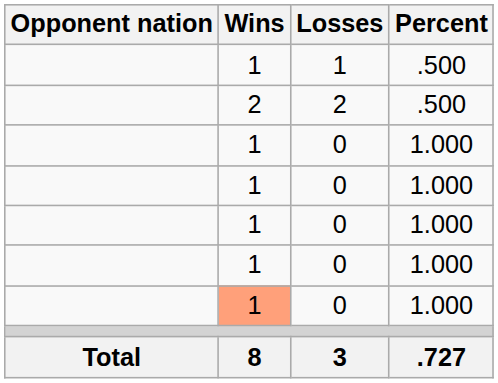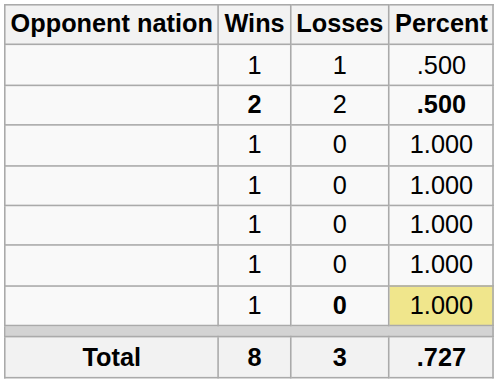 <table class=wikitable>
 <tr>
 <th>Opponent nation</th>
 <th>Wins</th>
 <th>Losses</th>
 <th>Percent</th>
 </tr>
 <tr align=center>
 <td align=left></td>
 <td>1</td>
 <td>1</td>
 <td>.500</td>
 </tr>
 <tr align=center>
 <td align=left></td>
+<td><strong>2</strong></td>
 <td>2</td>
-<td>2</td>
-<td>.500</td>
+<td><strong>.500</strong></td>
 </tr>
 <tr align=center>
 <td align=left></td>
 <td>1</td>
 <td>0</td>
 <td>1.000</td>
 </tr>
 <tr align=center>
 <td align=left></td>
 <td>1</td>
 <td>0</td>
 <td>1.000</td>
 </tr>
 <tr align=center>
 <td align=left></td>
 <td>1</td>
 <td>0</td>
 <td>1.000</td>
 </tr>
 <tr align=center>
 <td align=left></td>
 <td>1</td>
 <td>0</td>
 <td>1.000</td>
 </tr>
 <tr align=center>
 <td align=left></td>
-<td style="background: lightsalmon;">1</td>
-<td>0</td>
-<td>1.000</td>
+<td>1</td>
+<td><strong>0</strong></td>
+<td style="background: khaki;">1.000</td>
 </tr>
 <tr>
 <td colspan=4 bgcolor=lightgray></td>
 </tr>
 <tr>
 <th>Total</th>
 <th>8</th>
 <th>3</th>
 <th>.727</th>
 </tr>
 </table>
